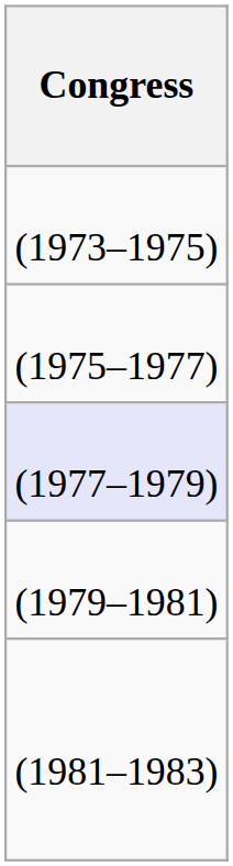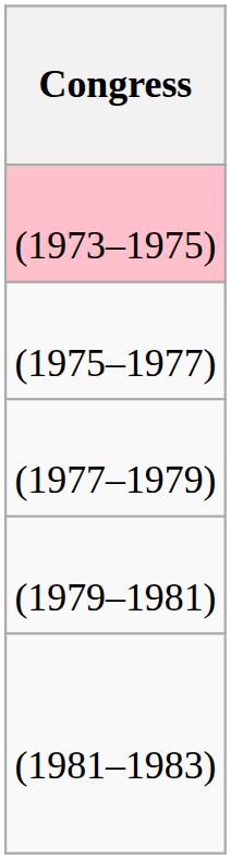 <table class="wikitable" style="float:left; margin:0; margin-right:-0.5px; margin-top:14px; text-align:center;">
 <tr style="white-space:nowrap; height:4.08em;">
 <th>Congress</th>
 </tr>
 <tr style="white-space:nowrap; height:3em;">
-<td><strong></strong><br>(1973–1975)</td>
+<td style="background: pink;"><strong></strong><br>(1973–1975)</td>
 </tr>
 <tr style="white-space:nowrap; height:3em">
 <td><strong></strong><br>(1975–1977)</td>
 </tr>
 <tr style="white-space:nowrap; height:3em">
-<td style="background: lavender;"><strong></strong><br>(1977–1979)</td>
+<td><strong></strong><br>(1977–1979)</td>
 </tr>
 <tr style="white-space:nowrap; height:3em">
 <td><strong></strong><br>(1979–1981)</td>
 </tr>
 <tr style="white-space:nowrap; height:5.62em">
 <td><strong></strong><br>(1981–1983)</td>
 </tr>
 </table>
